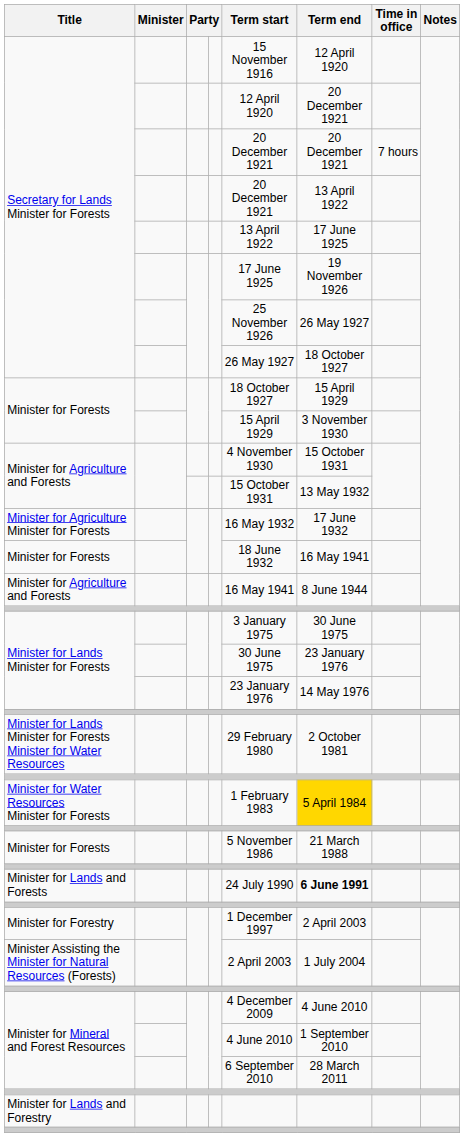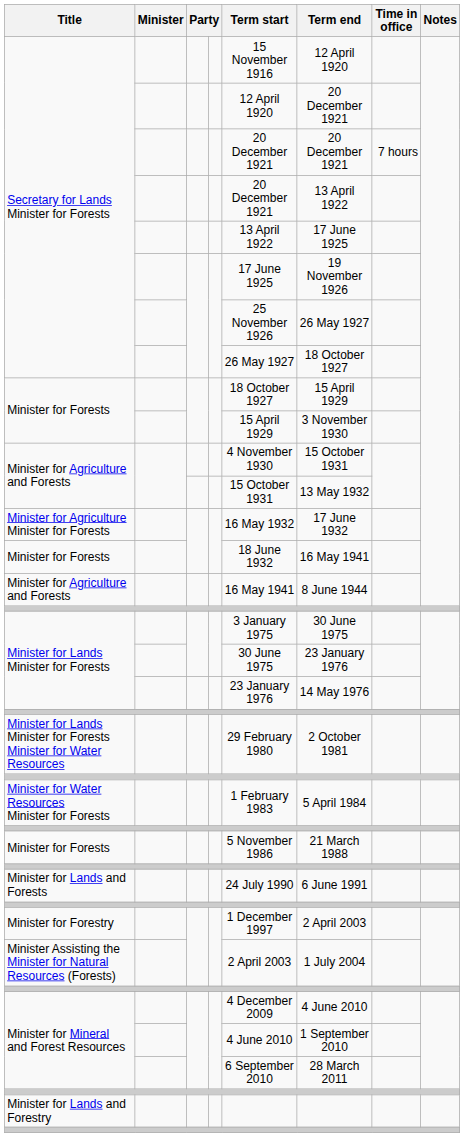 <table class="wikitable sortable">
 <tr>
 <th>Title</th>
 <th>Minister</th>
 <th colspan="2">Party</th>
 <th>Term start</th>
 <th>Term end</th>
 <th>Time in office</th>
 <th class="unsortable">Notes</th>
 </tr>
 <tr>
 <td rowspan="8"><a href='#'>Secretary for Lands</a><br>Minister for Forests</td>
 <td></td>
 <td> </td>
 <td></td>
 <td align="center">15 November 1916</td>
 <td align="center">12 April 1920</td>
 <td align="right"></td>
 </tr>
 <tr>
 <td></td>
 <td> </td>
 <td></td>
 <td align="center">12 April 1920</td>
 <td align="center">20 December 1921</td>
 <td align="right"></td>
 </tr>
 <tr>
 <td></td>
 <td> </td>
 <td></td>
 <td align="center">20 December 1921</td>
 <td align="center">20 December 1921</td>
 <td align="right"> 7 hours</td>
 </tr>
 <tr>
 <td></td>
 <td> </td>
 <td></td>
 <td align="center">20 December 1921</td>
 <td align="center">13 April 1922</td>
 <td align="right"></td>
 </tr>
 <tr>
 <td></td>
 <td> </td>
 <td></td>
 <td align="center">13 April 1922</td>
 <td align="center">17 June 1925</td>
 <td align="right"></td>
 </tr>
 <tr>
 <td></td>
 <td rowspan="3" > </td>
 <td rowspan="3"></td>
 <td align="center">17 June 1925</td>
 <td align="center">19 November 1926</td>
 <td align="right"></td>
 </tr>
 <tr>
 <td></td>
 <td align="center">25 November 1926</td>
 <td align="center">26 May 1927</td>
 <td align="right"></td>
 </tr>
 <tr>
 <td></td>
 <td align="center">26 May 1927</td>
 <td align="center">18 October 1927</td>
 <td align="right"></td>
 </tr>
 <tr>
 <td rowspan="2">Minister for Forests</td>
 <td></td>
 <td rowspan="2" > </td>
 <td rowspan="2"></td>
 <td align="center">18 October 1927</td>
 <td align="center">15 April 1929</td>
 <td align="right"></td>
 </tr>
 <tr>
 <td></td>
 <td align="center">15 April 1929</td>
 <td align="center">3 November 1930</td>
 <td align="right"></td>
 </tr>
 <tr>
 <td rowspan="2">Minister for <a href='#'>Agriculture</a> and Forests</td>
 <td rowspan="2"></td>
 <td> </td>
 <td></td>
 <td align="center">4 November 1930</td>
 <td align="center">15 October 1931</td>
 <td rowspan="2" align=right></td>
 </tr>
 <tr>
 <td> </td>
 <td></td>
 <td align="center">15 October 1931</td>
 <td align="center">13 May 1932</td>
 </tr>
 <tr>
 <td><a href='#'>Minister for Agriculture</a><br>Minister for Forests</td>
 <td></td>
 <td rowspan="2" > </td>
 <td rowspan="2"></td>
 <td align="center">16 May 1932</td>
 <td align="center">17 June 1932</td>
 <td align="right"></td>
 </tr>
 <tr>
 <td>Minister for Forests</td>
 <td></td>
 <td align="center">18 June 1932</td>
 <td align="center">16 May 1941</td>
 <td align=right><strong></strong></td>
 </tr>
 <tr>
 <td>Minister for <a href='#'>Agriculture</a> and Forests</td>
 <td></td>
 <td> </td>
 <td></td>
 <td align="center">16 May 1941</td>
 <td align="center">8 June 1944</td>
 <td align=right></td>
 </tr>
 <tr class="sortbottom">
 <th colspan="8" style="background: #cccccc;"></th>
 </tr>
 <tr>
 <td rowspan="3"><a href='#'>Minister for Lands</a><br>Minister for Forests</td>
 <td></td>
 <td rowspan="2" > </td>
 <td rowspan="2"></td>
 <td align="center">3 January 1975</td>
 <td align="center">30 June 1975</td>
 <td align=right></td>
 </tr>
 <tr>
 <td></td>
 <td align="center">30 June 1975</td>
 <td align="center">23 January 1976</td>
 <td align=right></td>
 </tr>
 <tr>
 <td></td>
 <td> </td>
 <td></td>
 <td align="center">23 January 1976</td>
 <td align="center">14 May 1976</td>
 <td align=right></td>
 </tr>
 <tr class="sortbottom">
 <th colspan="8" style="background: #cccccc;"></th>
 </tr>
 <tr>
 <td><a href='#'>Minister for Lands</a><br>Minister for Forests<br><a href='#'>Minister for Water Resources</a></td>
 <td></td>
 <td> </td>
 <td></td>
 <td align="center">29 February 1980</td>
 <td align="center">2 October 1981</td>
 <td align="right"></td>
 </tr>
 <tr class="sortbottom">
 <th colspan="8" style="background: #cccccc;"></th>
 </tr>
 <tr>
 <td><a href='#'>Minister for Water Resources</a><br>Minister for Forests</td>
 <td></td>
 <td> </td>
 <td></td>
 <td align="center">1 February 1983</td>
-<td align="center" style="background: gold;">5 April 1984</td>
+<td align="center">5 April 1984</td>
 <td align=right></td>
 </tr>
 <tr class="sortbottom">
 <th colspan="8" style="background: #cccccc;"></th>
 </tr>
 <tr>
 <td>Minister for Forests</td>
 <td></td>
 <td> </td>
 <td></td>
 <td align="center">5 November 1986</td>
 <td align="center">21 March 1988</td>
 <td align=right></td>
 </tr>
 <tr class="sortbottom">
 <th colspan="8" style="background: #cccccc;"></th>
 </tr>
 <tr>
 <td>Minister for <a href='#'>Lands</a> and Forests</td>
 <td></td>
 <td> </td>
 <td></td>
 <td align="center">24 July 1990</td>
-<td align="center"><strong>6 June 1991</strong></td>
+<td align="center">6 June 1991</td>
 <td align=right></td>
 </tr>
 <tr class="sortbottom">
 <th colspan="8" style="background: #cccccc;"></th>
 </tr>
 <tr>
 <td>Minister for Forestry</td>
 <td></td>
 <td rowspan="2" > </td>
 <td rowspan="2"></td>
 <td align="center">1 December 1997</td>
 <td align="center">2 April 2003</td>
 <td align=right></td>
 </tr>
 <tr>
 <td>Minister Assisting the <a href='#'>Minister for Natural Resources</a> (Forests)</td>
 <td></td>
 <td align="center">2 April 2003</td>
 <td align="center">1 July 2004</td>
 <td align=right></td>
 </tr>
 <tr class="sortbottom">
 <th colspan="8" style="background: #cccccc;"></th>
 </tr>
 <tr>
 <td rowspan="3">Minister for <a href='#'>Mineral</a> and Forest Resources</td>
 <td></td>
 <td rowspan="3" > </td>
 <td rowspan="3"></td>
 <td align="center">4 December 2009</td>
 <td align="center">4 June 2010</td>
 <td align=right></td>
 </tr>
 <tr>
 <td></td>
 <td align="center">4 June 2010</td>
 <td align="center">1 September 2010</td>
 <td align=right></td>
 </tr>
 <tr>
 <td></td>
 <td align="center">6 September 2010</td>
 <td align="center">28 March 2011</td>
 <td align=right></td>
 </tr>
 <tr class="sortbottom">
 <th colspan="8" style="background: #cccccc;"></th>
 </tr>
 <tr>
 <td>Minister for <a href='#'>Lands</a> and Forestry</td>
 <td></td>
 <td> </td>
 <td></td>
 <td align="center"></td>
 <td align="center"></td>
 <td align=right></td>
 </tr>
 <tr class="sortbottom">
 <th colspan="8" style="background: #cccccc;"></th>
 </tr>
 </table>
